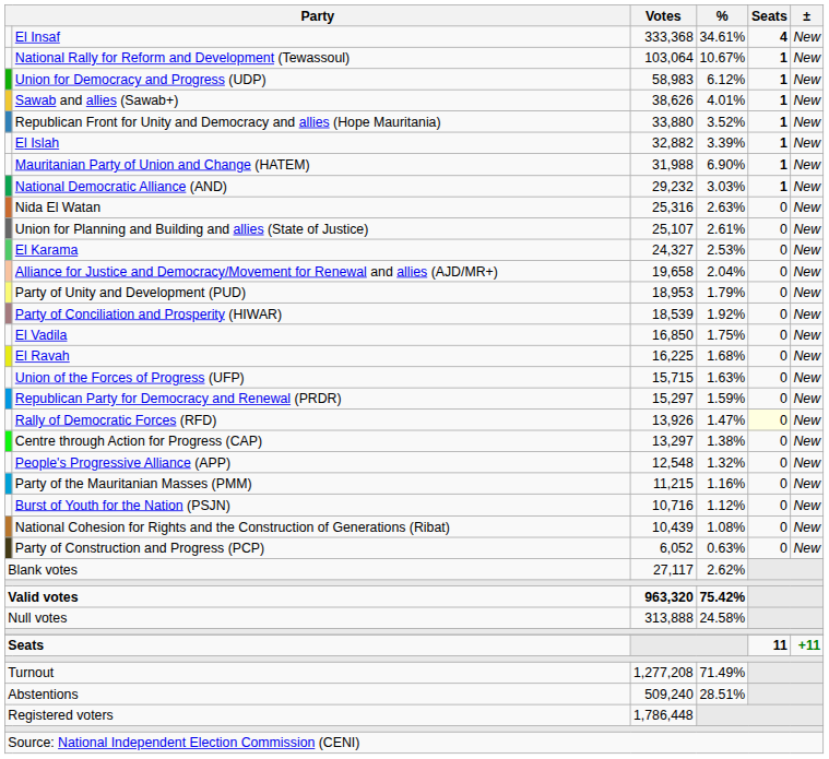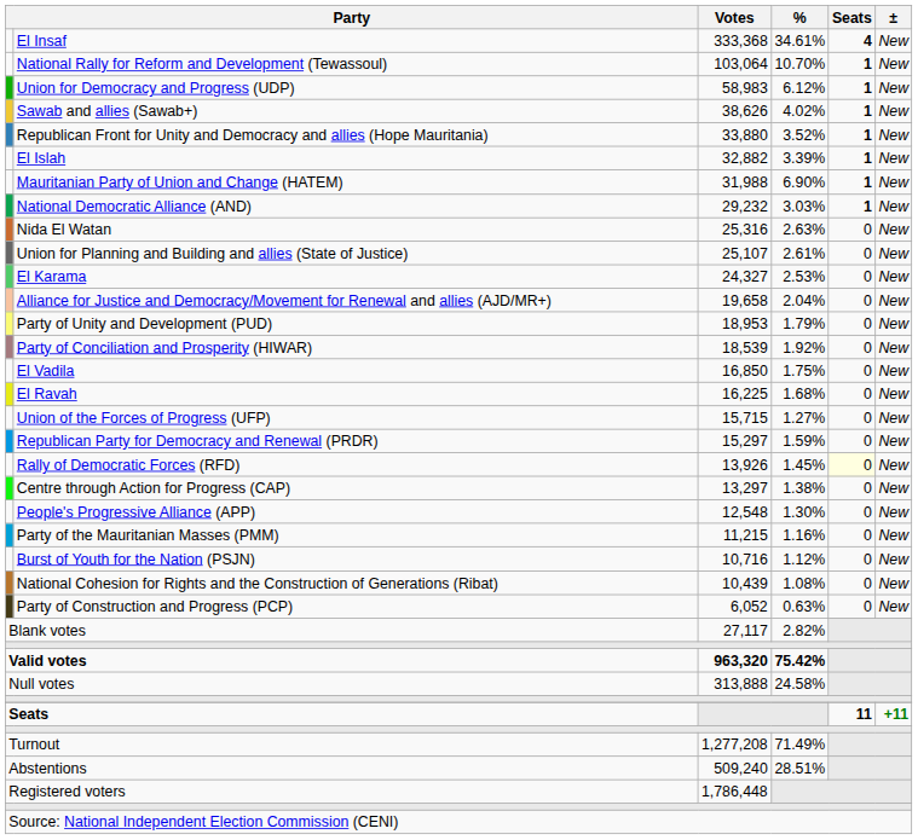 <table class="wikitable" style="text-align:right;font-size:95%;">
 <tr>
 <th width="700" colspan="2">Party</th>
 <th width="50">Votes</th>
 <th width="50">%</th>
 <th width="25">Seats</th>
 <th width="20">±</th>
 </tr>
 <tr>
 <td width="1" style="color:inherit;background:"></td>
 <td style="text-align:left;"><a href='#'>El Insaf</a></td>
 <td>333,368</td>
 <td>34.61%</td>
 <td><strong>4</strong></td>
 <td><em>New</em></td>
 </tr>
 <tr>
 <td width="1" style="color:inherit;background:"></td>
 <td style="text-align:left;"><a href='#'>National Rally for Reform and Development</a> (Tewassoul)</td>
 <td>103,064</td>
-<td>10.67%</td>
+<td>10.70%</td>
 <td><strong>1</strong></td>
 <td><em>New</em></td>
 </tr>
 <tr>
 <td width="1" style="color:inherit;background:#0FAF05;"></td>
 <td style="text-align:left;"><a href='#'>Union for Democracy and Progress</a> (UDP)</td>
 <td>58,983</td>
 <td>6.12%</td>
 <td><strong>1</strong></td>
 <td><em>New</em></td>
 </tr>
 <tr>
 <td width="1" style="color:inherit;background:#F0C832;"></td>
 <td style="text-align:left;"><a href='#'>Sawab</a> and <a href='#'>allies</a> (Sawab+)</td>
 <td>38,626</td>
-<td>4.01%</td>
+<td>4.02%</td>
 <td><strong>1</strong></td>
 <td><em>New</em></td>
 </tr>
 <tr>
 <td width="1" style="color:inherit;background:#3080B7;"></td>
 <td style="text-align:left;">Republican Front for Unity and Democracy and <a href='#'>allies</a> (Hope Mauritania)</td>
 <td>33,880</td>
 <td>3.52%</td>
 <td><strong>1</strong></td>
 <td><em>New</em></td>
 </tr>
 <tr>
 <td width="1" style="color:inherit;background:"></td>
 <td style="text-align:left;"><a href='#'>El Islah</a></td>
 <td>32,882</td>
 <td>3.39%</td>
 <td><strong>1</strong></td>
 <td><em>New</em></td>
 </tr>
 <tr>
 <td width="1" style="color:inherit;background:"></td>
 <td style="text-align:left;"><a href='#'>Mauritanian Party of Union and Change</a> (HATEM)</td>
 <td>31,988</td>
 <td>6.90%</td>
 <td><strong>1</strong></td>
 <td><em>New</em></td>
 </tr>
 <tr>
 <td width="1" style="color:inherit;background:#0AA450;"></td>
 <td style="text-align:left;"><a href='#'>National Democratic Alliance</a> (AND)</td>
 <td>29,232</td>
 <td>3.03%</td>
 <td><strong>1</strong></td>
 <td><em>New</em></td>
 </tr>
 <tr>
 <td width="1" style="color:inherit;background:#C96A2F;"></td>
 <td style="text-align:left;">Nida El Watan</td>
 <td>25,316</td>
 <td>2.63%</td>
 <td>0</td>
 <td><em>New</em></td>
 </tr>
 <tr>
 <td width="1" style="color:inherit;background:#666666;"></td>
 <td style="text-align:left;">Union for Planning and Building and <a href='#'>allies</a> (State of Justice)</td>
 <td>25,107</td>
 <td>2.61%</td>
 <td>0</td>
 <td><em>New</em></td>
 </tr>
 <tr>
 <td width="1" style="color:inherit;background:#4FCB68;"></td>
 <td style="text-align:left;"><a href='#'>El Karama</a></td>
 <td>24,327</td>
 <td>2.53%</td>
 <td>0</td>
 <td><em>New</em></td>
 </tr>
 <tr>
 <td width="1" style="color:inherit;background:#F8C3A0;"></td>
 <td style="text-align:left;"><a href='#'>Alliance for Justice and Democracy/Movement for Renewal</a> and <a href='#'>allies</a> (AJD/MR+)</td>
 <td>19,658</td>
 <td>2.04%</td>
 <td>0</td>
 <td><em>New</em></td>
 </tr>
 <tr>
 <td width="1" style="color:inherit;background:#FAFA75;"></td>
 <td style="text-align:left;">Party of Unity and Development (PUD)</td>
 <td>18,953</td>
 <td>1.79%</td>
 <td>0</td>
 <td><em>New</em></td>
 </tr>
 <tr>
 <td width="1" style="color:inherit;background:#A47A7E;"></td>
 <td style="text-align:left;"><a href='#'>Party of Conciliation and Prosperity</a> (HIWAR)</td>
 <td>18,539</td>
 <td>1.92%</td>
 <td>0</td>
 <td><em>New</em></td>
 </tr>
 <tr>
 <td width="1" style="color:inherit;background:"></td>
 <td style="text-align:left;"><a href='#'>El Vadila</a></td>
 <td>16,850</td>
 <td>1.75%</td>
 <td>0</td>
 <td><em>New</em></td>
 </tr>
 <tr>
 <td width="1" style="color:inherit;background:#E7EB16;"></td>
 <td style="text-align:left;"><a href='#'>El Ravah</a></td>
 <td>16,225</td>
 <td>1.68%</td>
 <td>0</td>
 <td><em>New</em></td>
 </tr>
 <tr>
 <td width="1" style="color:inherit;background:"></td>
 <td style="text-align:left;"><a href='#'>Union of the Forces of Progress</a> (UFP)</td>
 <td>15,715</td>
-<td>1.63%</td>
+<td>1.27%</td>
 <td>0</td>
 <td><em>New</em></td>
 </tr>
 <tr>
 <td width="1" style="color:inherit;background:#0198E2;"></td>
 <td style="text-align:left;"><a href='#'>Republican Party for Democracy and Renewal</a> (PRDR)</td>
 <td>15,297</td>
 <td>1.59%</td>
 <td>0</td>
 <td><em>New</em></td>
 </tr>
 <tr>
 <td width="1" style="color:inherit;background:"></td>
 <td style="text-align:left;"><a href='#'>Rally of Democratic Forces</a> (RFD)</td>
 <td>13,926</td>
-<td>1.47%</td>
+<td>1.45%</td>
 <td style="background: lightyellow;">0</td>
 <td><em>New</em></td>
 </tr>
 <tr>
 <td width="1" style="color:inherit;background:#0EF70E;"></td>
 <td style="text-align:left;">Centre through Action for Progress (CAP)</td>
 <td>13,297</td>
 <td>1.38%</td>
 <td>0</td>
 <td><em>New</em></td>
 </tr>
 <tr>
 <td width="1" style="color:inherit;background:"></td>
 <td style="text-align:left;"><a href='#'>People's Progressive Alliance</a> (APP)</td>
 <td>12,548</td>
-<td>1.32%</td>
+<td>1.30%</td>
 <td>0</td>
 <td><em>New</em></td>
 </tr>
 <tr>
 <td width="1" style="color:inherit;background:#00A1D7;"></td>
 <td style="text-align:left;">Party of the Mauritanian Masses (PMM)</td>
 <td>11,215</td>
 <td>1.16%</td>
 <td>0</td>
 <td><em>New</em></td>
 </tr>
 <tr>
 <td width="1" style="color:inherit;background:"></td>
 <td style="text-align:left;"><a href='#'>Burst of Youth for the Nation</a> (PSJN)</td>
 <td>10,716</td>
 <td>1.12%</td>
 <td>0</td>
 <td><em>New</em></td>
 </tr>
 <tr>
 <td width="1" style="color:inherit;background:#B7752C;"></td>
 <td style="text-align:left;">National Cohesion for Rights and the Construction of Generations (Ribat)</td>
 <td>10,439</td>
 <td>1.08%</td>
 <td>0</td>
 <td><em>New</em></td>
 </tr>
 <tr>
 <td width="1" style="color:inherit;background:#433A16;"></td>
 <td style="text-align:left;">Party of Construction and Progress (PCP)</td>
 <td>6,052</td>
 <td>0.63%</td>
 <td>0</td>
 <td><em>New</em></td>
 </tr>
 <tr>
 <td colspan="2" style="text-align:left;">Blank votes</td>
 <td>27,117</td>
-<td>2.62%</td>
+<td>2.82%</td>
 <td colspan="2" style="background:#E9E9E9;"></td>
 </tr>
 <tr>
 <td colspan="6" style="background:#E9E9E9;"></td>
 </tr>
 <tr style="font-weight:bold;">
 <td colspan="2" style="text-align:left;">Valid votes</td>
 <td>963,320</td>
 <td>75.42%</td>
 <td colspan="2" style="background:#E9E9E9;"></td>
 </tr>
 <tr>
 <td colspan="2" style="text-align:left;">Null votes</td>
 <td>313,888</td>
 <td>24.58%</td>
 <td colspan="2" style="background:#E9E9E9;"></td>
 </tr>
 <tr>
 <td colspan="6" style="background:#E9E9E9;"></td>
 </tr>
 <tr>
 </tr>
 <tr style="font-weight:bold;">
 <td colspan="2" style="text-align:left;">Seats</td>
 <td colspan="2" style="background:#E9E9E9;"></td>
 <td>11</td>
 <td style="color:green;">+11</td>
 </tr>
 <tr>
 <td colspan="6" style="background:#E9E9E9;"></td>
 </tr>
 <tr>
 <td colspan="2" style="text-align:left;">Turnout</td>
 <td>1,277,208</td>
 <td>71.49%</td>
 <td colspan="2" style="background:#E9E9E9;"></td>
 </tr>
 <tr>
 <td colspan="2" style="text-align:left;">Abstentions</td>
 <td>509,240</td>
 <td>28.51%</td>
 <td colspan="2" style="background:#E9E9E9;"></td>
 </tr>
 <tr>
 <td colspan="2" style="text-align:left;">Registered voters</td>
 <td>1,786,448</td>
 <td colspan="3" style="background:#E9E9E9;"></td>
 </tr>
 <tr>
 <td colspan="6" style="background:#E9E9E9;"></td>
 </tr>
 <tr>
 <td colspan="6" style="text-align:left;">Source: <a href='#'>National Independent Election Commission</a> (CENI)</td>
 </tr>
 </table>
